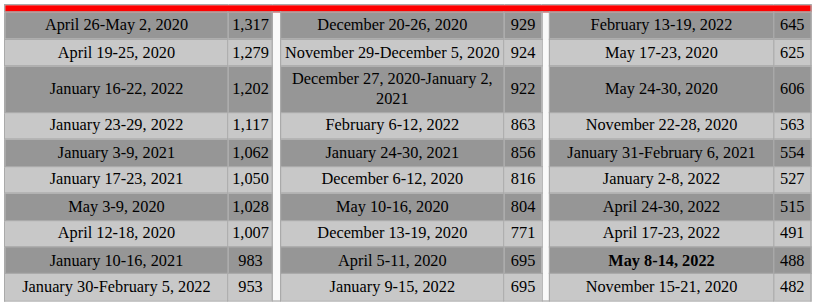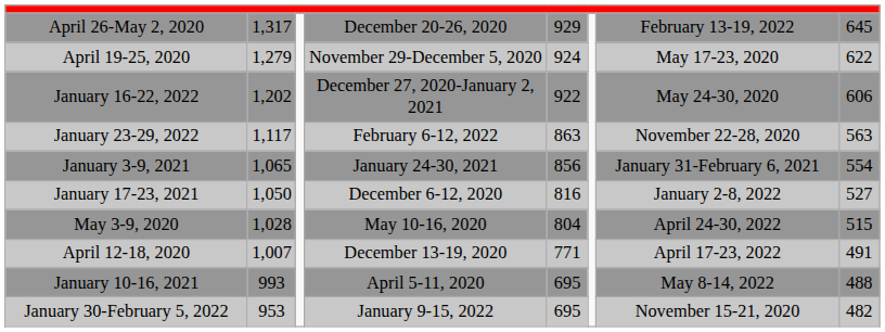 <table class="wikitable" style="text-align:center; text:#FFFFFF; font-size:85%">
 <tr>
 <th colspan="8" style="background:#FF0000"></th>
 </tr>
 <tr>
 <td style="background:#969696" width="180">April 26-May 2, 2020</td>
 <td style="background:#969696" width="25">1,317</td>
 <td rowspan="11"></td>
 <td style="background:#969696" width="180">December 20-26, 2020</td>
 <td style="background:#969696" width="25">929</td>
 <td rowspan="11"></td>
 <td style="background:#969696" width="180">February 13-19, 2022</td>
 <td style="background:#969696" width="25">645</td>
 </tr>
 <tr>
 <td style="background:#C8C8C8" width="180">April 19-25, 2020</td>
 <td style="background:#C8C8C8" width="25">1,279</td>
 <td style="background:#C8C8C8" width="180">November 29-December 5, 2020</td>
 <td style="background:#C8C8C8" width="25">924</td>
 <td style="background:#C8C8C8" width="180">May 17-23, 2020</td>
-<td style="background:#C8C8C8" width="25">625</td>
+<td style="background:#C8C8C8" width="25">622</td>
 </tr>
 <tr>
 <td style="background:#969696" width="180">January 16-22, 2022</td>
 <td style="background:#969696" width="25">1,202</td>
 <td style="background:#969696" width="180">December 27, 2020-January 2, 2021</td>
 <td style="background:#969696" width="25">922</td>
 <td style="background:#969696" width="180">May 24-30, 2020</td>
 <td style="background:#969696" width="25">606</td>
 </tr>
 <tr>
 <td style="background:#C8C8C8" width="180">January 23-29, 2022</td>
 <td style="background:#C8C8C8" width="25">1,117</td>
 <td style="background:#C8C8C8" width="180">February 6-12, 2022</td>
 <td style="background:#C8C8C8" width="25">863</td>
 <td style="background:#C8C8C8" width="180">November 22-28, 2020</td>
 <td style="background:#C8C8C8" width="25">563</td>
 </tr>
 <tr>
 <td style="background:#969696" width="180">January 3-9, 2021</td>
-<td style="background:#969696" width="25">1,062</td>
+<td style="background:#969696" width="25">1,065</td>
 <td style="background:#969696" width="180">January 24-30, 2021</td>
 <td style="background:#969696" width="25">856</td>
 <td style="background:#969696" width="180">January 31-February 6, 2021</td>
 <td style="background:#969696" width="25">554</td>
 </tr>
 <tr>
 <td style="background:#C8C8C8" width="180">January 17-23, 2021</td>
 <td style="background:#C8C8C8" width="25">1,050</td>
 <td style="background:#C8C8C8" width="180">December 6-12, 2020</td>
 <td style="background:#C8C8C8" width="25">816</td>
 <td style="background:#C8C8C8" width="180">January 2-8, 2022</td>
 <td style="background:#C8C8C8" width="25">527</td>
 </tr>
 <tr>
 <td style="background:#969696" width="180">May 3-9, 2020</td>
 <td style="background:#969696" width="25">1,028</td>
 <td style="background:#969696" width="180">May 10-16, 2020</td>
 <td style="background:#969696" width="25">804</td>
 <td style="background:#969696" width="180">April 24-30, 2022</td>
 <td style="background:#969696" width="25">515</td>
 </tr>
 <tr>
 <td style="background:#C8C8C8" width="180">April 12-18, 2020</td>
 <td style="background:#C8C8C8" width="25">1,007</td>
 <td style="background:#C8C8C8" width="180">December 13-19, 2020</td>
 <td style="background:#C8C8C8" width="25">771</td>
 <td style="background:#C8C8C8" width="180">April 17-23, 2022</td>
 <td style="background:#C8C8C8" width="25">491</td>
 </tr>
 <tr>
 <td style="background:#969696" width="180">January 10-16, 2021</td>
-<td style="background:#969696" width="25">983</td>
+<td style="background:#969696" width="25">993</td>
 <td style="background:#969696" width="180">April 5-11, 2020</td>
 <td style="background:#969696" width="25">695</td>
-<td style="background:#969696" width="180"><strong>May 8-14, 2022</strong></td>
+<td style="background:#969696" width="180">May 8-14, 2022</td>
 <td style="background:#969696" width="25">488</td>
 </tr>
 <tr>
 <td style="background:#C8C8C8" width="180">January 30-February 5, 2022</td>
 <td style="background:#C8C8C8" width="25">953</td>
 <td style="background:#C8C8C8" width="180">January 9-15, 2022</td>
 <td style="background:#C8C8C8" width="25">695</td>
 <td style="background:#C8C8C8" width="180">November 15-21, 2020</td>
 <td style="background:#C8C8C8" width="25">482</td>
 </tr>
 </table>
